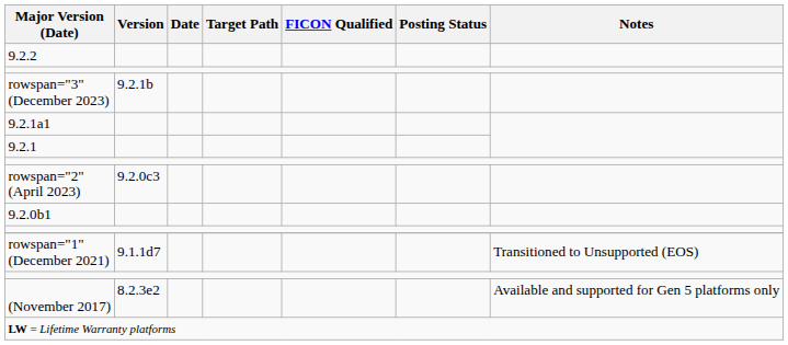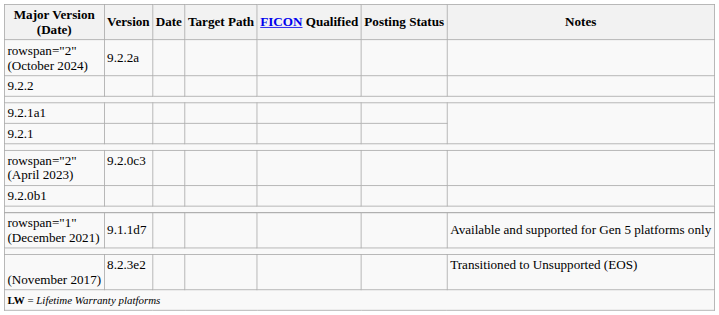 <table class="wikitable sortable mw-datatable">
 <tr>
 <th>Major Version<br>(Date)</th>
 <th>Version</th>
 <th>Date</th>
 <th>Target Path</th>
 <th><a href='#'>FICON</a> Qualified</th>
 <th>Posting Status</th>
 <th>Notes</th>
 </tr>
 <tr>
+<td>rowspan="2" <br>(October 2024)</td>
+<td>9.2.2a</td>
+<td></td>
+<td></td>
+<td></td>
+<td></td>
+<td></td>
+</tr>
+<tr>
 <td>9.2.2</td>
 <td></td>
 <td></td>
 <td></td>
 <td></td>
 <td></td>
 </tr>
 <tr valign=top>
 <td colspan="7"></td>
-</tr>
-<tr valign=top>
-<td>rowspan="3" <br>(December 2023)</td>
-<td>9.2.1b</td>
-<td></td>
-<td></td>
-<td></td>
-<td></td>
-<td></td>
 </tr>
 <tr>
 <td>9.2.1a1</td>
 <td></td>
 <td></td>
 <td></td>
 <td></td>
 <td></td>
 </tr>
 <tr>
 <td>9.2.1</td>
 <td></td>
 <td></td>
 <td></td>
 <td></td>
 <td></td>
 </tr>
 <tr valign=top>
 <td colspan="7"></td>
 </tr>
 <tr valign=top>
 <td>rowspan="2" <br>(April 2023)</td>
 <td>9.2.0c3</td>
 <td></td>
 <td></td>
 <td></td>
 <td></td>
 <td></td>
 </tr>
 <tr>
 <td>9.2.0b1</td>
 <td></td>
 <td></td>
 <td></td>
 <td></td>
 <td></td>
 </tr>
 <tr valign=top>
 <td colspan="7"></td>
 </tr>
 <tr valign=top>
 </tr>
 <tr>
 <td>rowspan="1" <br>(December 2021)</td>
 <td>9.1.1d7</td>
 <td></td>
 <td></td>
 <td></td>
 <td></td>
-<td>Transitioned to Unsupported (EOS)</td>
+<td>Available and supported for Gen 5 platforms only</td>
 </tr>
 <tr valign=top>
 <td colspan="7"></td>
 </tr>
 <tr valign=top>
 <td><br>(November 2017)</td>
 <td>8.2.3e2</td>
 <td></td>
 <td></td>
 <td></td>
 <td></td>
-<td>Available and supported for Gen 5 platforms only</td>
+<td>Transitioned to Unsupported (EOS)</td>
 </tr>
 <tr>
 <td colspan="7"><small> <strong>LW</strong> = <em>Lifetime Warranty platforms</em></small></td>
 </tr>
 </table>
